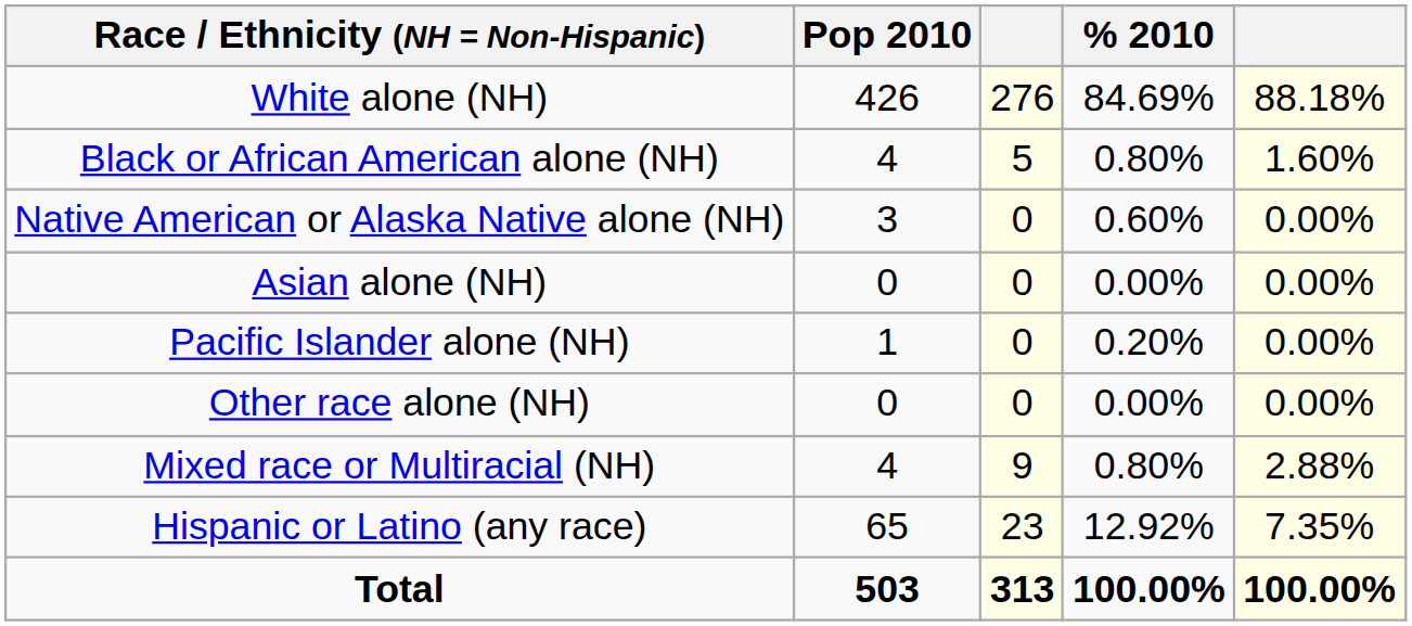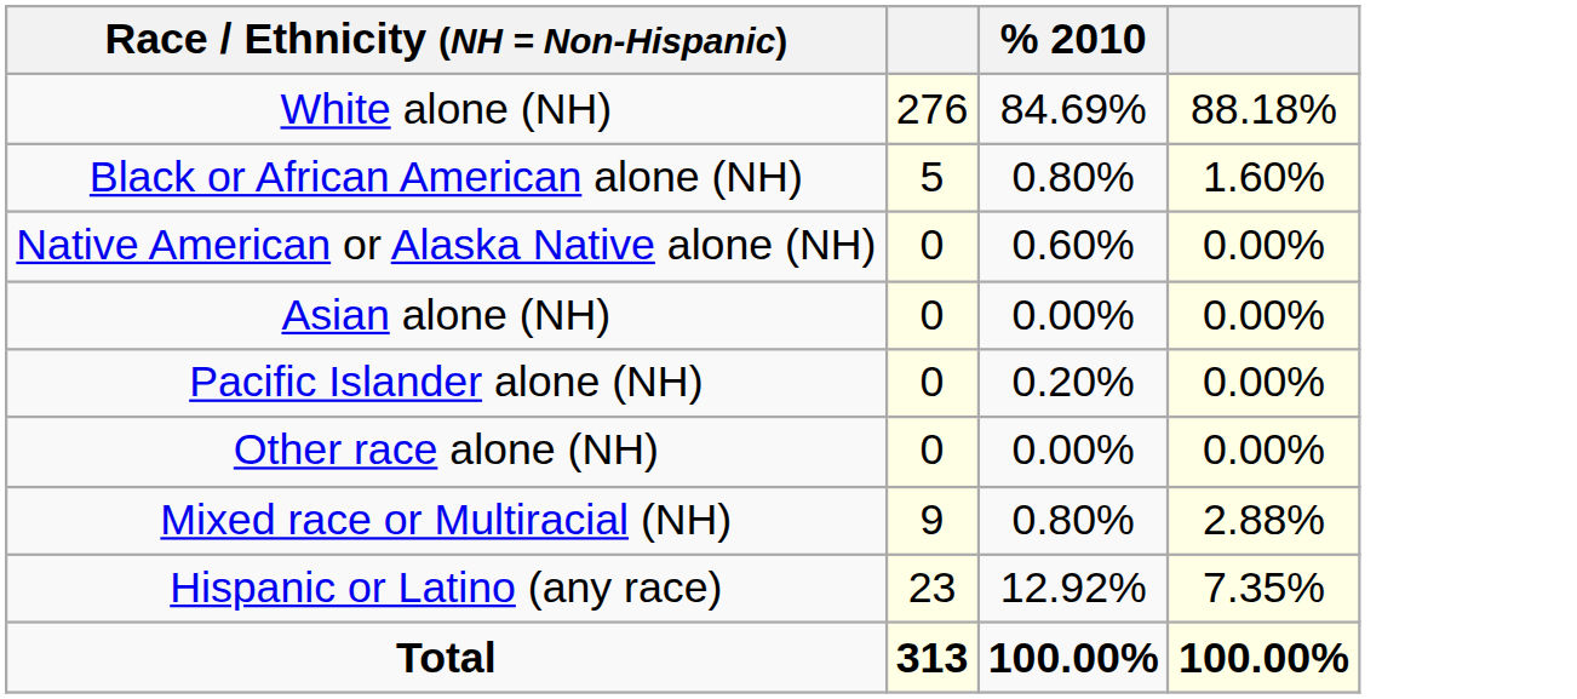 <table class="wikitable" style="text-align:center;">
 <tr>
 <th>Race / Ethnicity <small>(<em>NH = Non-Hispanic</em>)</small></th>
-<th>Pop 2010</th>
 <th></th>
 <th>% 2010</th>
 <th></th>
 </tr>
 <tr>
 <td><a href='#'>White</a> alone (NH)</td>
-<td>426</td>
 <td style='background: #ffffe6;'>276</td>
 <td>84.69%</td>
 <td style='background: #ffffe6;'>88.18%</td>
 </tr>
 <tr>
 <td><a href='#'>Black or African American</a> alone (NH)</td>
-<td>4</td>
 <td style='background: #ffffe6;'>5</td>
 <td>0.80%</td>
 <td style='background: #ffffe6;'>1.60%</td>
 </tr>
 <tr>
 <td><a href='#'>Native American</a> or <a href='#'>Alaska Native</a> alone (NH)</td>
-<td>3</td>
 <td style='background: #ffffe6;'>0</td>
 <td>0.60%</td>
 <td style='background: #ffffe6;'>0.00%</td>
 </tr>
 <tr>
 <td><a href='#'>Asian</a> alone (NH)</td>
-<td>0</td>
 <td style='background: #ffffe6;'>0</td>
 <td>0.00%</td>
 <td style='background: #ffffe6;'>0.00%</td>
 </tr>
 <tr>
 <td><a href='#'>Pacific Islander</a> alone (NH)</td>
-<td>1</td>
 <td style='background: #ffffe6;'>0</td>
 <td>0.20%</td>
 <td style='background: #ffffe6;'>0.00%</td>
 </tr>
 <tr>
 <td><a href='#'>Other race</a> alone (NH)</td>
-<td>0</td>
 <td style='background: #ffffe6;'>0</td>
 <td>0.00%</td>
 <td style='background: #ffffe6;'>0.00%</td>
 </tr>
 <tr>
 <td><a href='#'>Mixed race or Multiracial</a> (NH)</td>
-<td>4</td>
 <td style='background: #ffffe6;'>9</td>
 <td>0.80%</td>
 <td style='background: #ffffe6;'>2.88%</td>
 </tr>
 <tr>
 <td><a href='#'>Hispanic or Latino</a> (any race)</td>
-<td>65</td>
 <td style='background: #ffffe6;'>23</td>
 <td>12.92%</td>
 <td style='background: #ffffe6;'>7.35%</td>
 </tr>
 <tr>
 <td><strong>Total</strong></td>
-<td><strong>503</strong></td>
 <td style='background: #ffffe6;'><strong>313</strong></td>
 <td><strong>100.00%</strong></td>
 <td style='background: #ffffe6;'><strong>100.00%</strong></td>
 </tr>
 </table>
